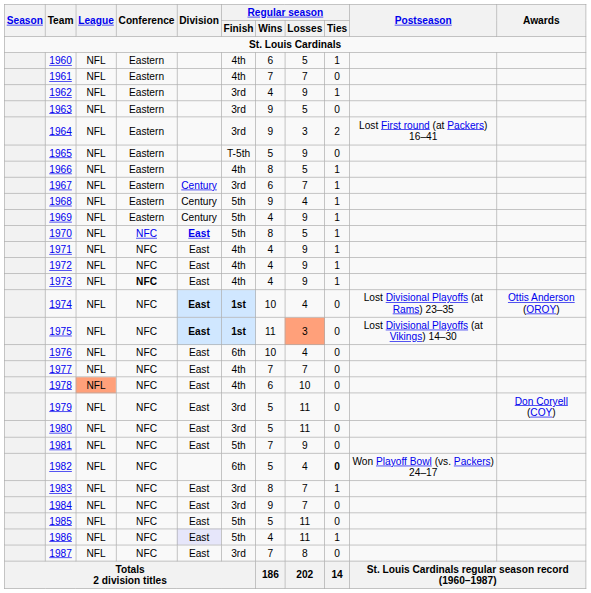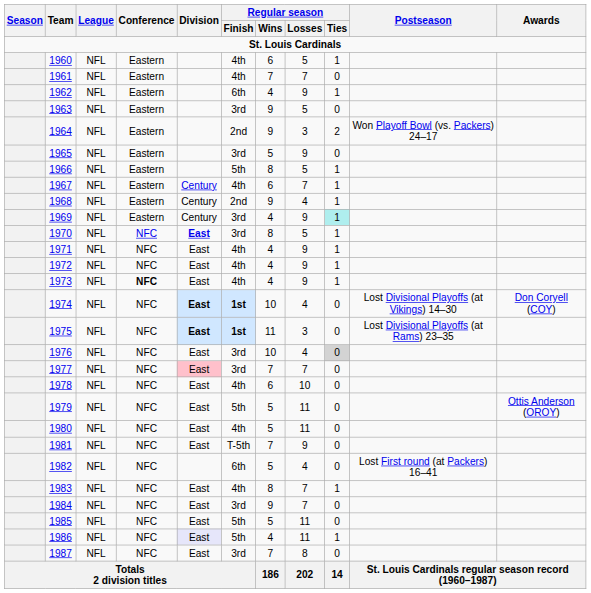 <table class="wikitable" style="text-align:center; font-size:95%">
 <tr>
 <th rowspan="2"><a href='#'>Season</a></th>
 <th rowspan="2">Team</th>
 <th rowspan="2"><a href='#'>League</a></th>
 <th rowspan="2">Conference</th>
 <th rowspan="2">Division</th>
 <th colspan="4"><a href='#'>Regular season</a></th>
 <th rowspan="2"><a href='#'>Postseason</a></th>
 <th rowspan="2">Awards</th>
 </tr>
 <tr>
 <th>Finish</th>
 <th>Wins</th>
 <th>Losses</th>
 <th>Ties</th>
 </tr>
 <tr>
 <td colspan="11" align="center"><strong>St. Louis Cardinals</strong></td>
 </tr>
 <tr>
 <th align="center"></th>
 <td align="center"><a href='#'>1960</a></td>
 <td align="center">NFL</td>
 <td align="center">Eastern</td>
 <td align="center"></td>
 <td align="center">4th</td>
 <td align="center">6</td>
 <td align="center">5</td>
 <td align="center">1</td>
 <td></td>
 <td></td>
 </tr>
 <tr>
 <th align="center"></th>
 <td align="center"><a href='#'>1961</a></td>
 <td align="center">NFL</td>
 <td align="center">Eastern</td>
 <td align="center"></td>
 <td align="center">4th</td>
 <td align="center">7</td>
 <td align="center">7</td>
 <td align="center">0</td>
 <td></td>
 <td></td>
 </tr>
 <tr>
 <th align="center"></th>
 <td align="center"><a href='#'>1962</a></td>
 <td align="center">NFL</td>
 <td align="center">Eastern</td>
 <td align="center"></td>
-<td align="center">3rd</td>
+<td align="center">6th</td>
 <td align="center">4</td>
 <td align="center">9</td>
 <td align="center">1</td>
 <td></td>
 <td></td>
 </tr>
 <tr>
 <th align="center"></th>
 <td align="center"><a href='#'>1963</a></td>
 <td align="center">NFL</td>
 <td align="center">Eastern</td>
 <td align="center"></td>
 <td align="center">3rd</td>
 <td align="center">9</td>
 <td align="center">5</td>
 <td align="center">0</td>
 <td></td>
 <td></td>
 </tr>
 <tr>
 <th align="center"></th>
 <td align="center"><a href='#'>1964</a></td>
 <td align="center">NFL</td>
 <td align="center">Eastern</td>
 <td align="center"></td>
-<td align="center">3rd</td>
+<td align="center">2nd</td>
 <td align="center">9</td>
 <td align="center">3</td>
 <td align="center">2</td>
-<td>Lost <a href='#'>First round</a> (at <a href='#'>Packers</a>) 16–41</td>
+<td>Won <a href='#'>Playoff Bowl</a> (vs. <a href='#'>Packers</a>) 24–17</td>
 <td></td>
 </tr>
 <tr>
 <th align="center"></th>
 <td align="center"><a href='#'>1965</a></td>
 <td align="center">NFL</td>
 <td align="center">Eastern</td>
 <td align="center"></td>
-<td align="center">T-5th</td>
+<td align="center">3rd</td>
 <td align="center">5</td>
 <td align="center">9</td>
 <td align="center">0</td>
 <td></td>
 <td></td>
 </tr>
 <tr>
 <th align="center"></th>
 <td align="center"><a href='#'>1966</a></td>
 <td align="center">NFL</td>
 <td align="center">Eastern</td>
 <td align="center"></td>
-<td align="center">4th</td>
+<td align="center">5th</td>
 <td align="center">8</td>
 <td align="center">5</td>
 <td align="center">1</td>
 <td></td>
 <td></td>
 </tr>
 <tr>
 <th align="center"></th>
 <td align="center"><a href='#'>1967</a></td>
 <td align="center">NFL</td>
 <td align="center">Eastern</td>
 <td align="center"><a href='#'>Century</a></td>
-<td align="center">3rd</td>
+<td align="center">4th</td>
 <td align="center">6</td>
 <td align="center">7</td>
 <td align="center">1</td>
 <td></td>
 <td></td>
 </tr>
 <tr>
 <th align="center"></th>
 <td align="center"><a href='#'>1968</a></td>
 <td align="center">NFL</td>
 <td align="center">Eastern</td>
 <td align="center">Century</td>
-<td align="center">5th</td>
+<td align="center">2nd</td>
 <td align="center">9</td>
 <td align="center">4</td>
 <td align="center">1</td>
 <td></td>
 <td></td>
 </tr>
 <tr>
 <th align="center"></th>
 <td align="center"><a href='#'>1969</a></td>
 <td align="center">NFL</td>
 <td align="center">Eastern</td>
 <td align="center">Century</td>
-<td align="center">5th</td>
+<td align="center">3rd</td>
 <td align="center">4</td>
 <td align="center">9</td>
-<td align="center">1</td>
+<td align="center" style="background: paleturquoise;">1</td>
 <td></td>
 <td></td>
 </tr>
 <tr>
 <th align="center"></th>
 <td align="center"><a href='#'>1970</a></td>
 <td align="center">NFL</td>
 <td align="center"><a href='#'>NFC</a></td>
 <td align="center"><strong><a href='#'>East</a></strong></td>
-<td align="center">5th</td>
+<td align="center">3rd</td>
 <td align="center">8</td>
 <td align="center">5</td>
 <td align="center">1</td>
 <td></td>
 <td></td>
 </tr>
 <tr>
 <th align="center"></th>
 <td align="center"><a href='#'>1971</a></td>
 <td align="center">NFL</td>
 <td align="center">NFC</td>
 <td align="center">East</td>
 <td align="center">4th</td>
 <td align="center">4</td>
 <td align="center">9</td>
 <td align="center">1</td>
 <td></td>
 <td></td>
 </tr>
 <tr>
 <th align="center"></th>
 <td align="center"><a href='#'>1972</a></td>
 <td align="center">NFL</td>
 <td align="center">NFC</td>
 <td align="center">East</td>
 <td align="center">4th</td>
 <td align="center">4</td>
 <td align="center">9</td>
 <td align="center">1</td>
 <td></td>
 <td></td>
 </tr>
 <tr>
 <th align="center"></th>
 <td align="center"><a href='#'>1973</a></td>
 <td align="center">NFL</td>
 <td align="center"><strong>NFC</strong></td>
 <td align="center">East</td>
 <td align="center">4th</td>
 <td align="center">4</td>
 <td align="center">9</td>
 <td align="center">1</td>
 <td></td>
 <td></td>
 </tr>
 <tr>
 <th align="center"></th>
 <td align="center"><a href='#'>1974</a></td>
 <td align="center">NFL</td>
 <td align="center">NFC</td>
 <td align="center" bgcolor="#D0E7FF"><strong>East</strong></td>
 <td align="center" bgcolor="#D0E7FF"><strong>1st</strong></td>
 <td align="center">10</td>
 <td align="center">4</td>
 <td align="center">0</td>
-<td>Lost <a href='#'>Divisional Playoffs</a> (at <a href='#'>Rams</a>) 23–35</td>
-<td><a href='#'>Ottis Anderson</a> (<a href='#'>OROY</a>)</td>
+<td valign="top">Lost <a href='#'>Divisional Playoffs</a> (at <a href='#'>Vikings</a>) 14–30</td>
+<td><a href='#'>Don Coryell</a> (<a href='#'>COY</a>)</td>
 </tr>
 <tr>
 <th align="center"></th>
 <td align="center"><a href='#'>1975</a></td>
 <td align="center">NFL</td>
 <td align="center">NFC</td>
 <td align="center" bgcolor="#D0E7FF"><strong>East</strong></td>
 <td align="center" bgcolor="#D0E7FF"><strong>1st</strong></td>
 <td align="center">11</td>
-<td align="center" style="background: lightsalmon;">3</td>
+<td align="center">3</td>
 <td align="center">0</td>
-<td valign="top">Lost <a href='#'>Divisional Playoffs</a> (at <a href='#'>Vikings</a>) 14–30</td>
+<td>Lost <a href='#'>Divisional Playoffs</a> (at <a href='#'>Rams</a>) 23–35</td>
 <td></td>
 </tr>
 <tr>
 <th align="center"></th>
 <td align="center"><a href='#'>1976</a></td>
 <td align="center">NFL</td>
 <td align="center">NFC</td>
 <td align="center">East</td>
-<td align="center">6th</td>
+<td align="center">3rd</td>
 <td align="center">10</td>
 <td align="center">4</td>
-<td align="center">0</td>
+<td align="center" style="background: lightgrey;">0</td>
 <td></td>
 <td></td>
 </tr>
 <tr>
 <th align="center"></th>
 <td align="center"><a href='#'>1977</a></td>
 <td align="center">NFL</td>
 <td align="center">NFC</td>
-<td align="center">East</td>
-<td align="center">4th</td>
+<td align="center" style="background: pink;">East</td>
+<td align="center">3rd</td>
 <td align="center">7</td>
 <td align="center">7</td>
 <td align="center">0</td>
 <td></td>
 <td></td>
 </tr>
 <tr>
 <th align="center"></th>
 <td align="center"><a href='#'>1978</a></td>
-<td align="center" style="background: lightsalmon;">NFL</td>
+<td align="center">NFL</td>
 <td align="center">NFC</td>
 <td align="center">East</td>
 <td align="center">4th</td>
 <td align="center">6</td>
 <td align="center">10</td>
 <td align="center">0</td>
 <td></td>
 <td></td>
 </tr>
 <tr>
 <th align="center"></th>
 <td align="center"><a href='#'>1979</a></td>
 <td align="center">NFL</td>
 <td align="center">NFC</td>
 <td align="center">East</td>
-<td align="center">3rd</td>
+<td align="center">5th</td>
 <td align="center">5</td>
 <td align="center">11</td>
 <td align="center">0</td>
 <td></td>
-<td><a href='#'>Don Coryell</a> (<a href='#'>COY</a>)</td>
+<td><a href='#'>Ottis Anderson</a> (<a href='#'>OROY</a>)</td>
 </tr>
 <tr>
 <th align="center"></th>
 <td align="center"><a href='#'>1980</a></td>
 <td align="center">NFL</td>
 <td align="center">NFC</td>
 <td align="center">East</td>
-<td align="center">3rd</td>
+<td align="center">4th</td>
 <td align="center">5</td>
 <td align="center">11</td>
 <td align="center">0</td>
 <td></td>
 <td></td>
 </tr>
 <tr>
 <th align="center"></th>
 <td align="center"><a href='#'>1981</a></td>
 <td align="center">NFL</td>
 <td align="center">NFC</td>
 <td align="center">East</td>
-<td align="center">5th</td>
+<td align="center">T-5th</td>
 <td align="center">7</td>
 <td align="center">9</td>
 <td align="center">0</td>
 <td></td>
 <td></td>
 </tr>
 <tr>
 <th align="center"></th>
 <td align="center"><a href='#'>1982</a></td>
 <td align="center">NFL</td>
 <td align="center">NFC</td>
 <td align="center"></td>
 <td align="center">6th</td>
 <td align="center">5</td>
 <td align="center">4</td>
-<td align="center"><strong>0</strong></td>
-<td>Won <a href='#'>Playoff Bowl</a> (vs. <a href='#'>Packers</a>) 24–17</td>
+<td align="center">0</td>
+<td>Lost <a href='#'>First round</a> (at <a href='#'>Packers</a>) 16–41</td>
 <td></td>
 </tr>
 <tr>
 <th align="center"></th>
 <td align="center"><a href='#'>1983</a></td>
 <td align="center">NFL</td>
 <td align="center">NFC</td>
 <td align="center">East</td>
-<td align="center">3rd</td>
+<td align="center">4th</td>
 <td align="center">8</td>
 <td align="center">7</td>
 <td align="center">1</td>
 <td></td>
 <td></td>
 </tr>
 <tr>
 <th align="center"></th>
 <td align="center"><a href='#'>1984</a></td>
 <td align="center">NFL</td>
 <td align="center">NFC</td>
 <td align="center">East</td>
 <td align="center">3rd</td>
 <td align="center">9</td>
 <td align="center">7</td>
 <td align="center">0</td>
 <td></td>
 <td></td>
 </tr>
 <tr>
 <th align="center"></th>
 <td align="center"><a href='#'>1985</a></td>
 <td align="center">NFL</td>
 <td align="center">NFC</td>
 <td align="center">East</td>
 <td align="center">5th</td>
 <td align="center">5</td>
 <td align="center">11</td>
 <td align="center">0</td>
 <td></td>
 <td></td>
 </tr>
 <tr>
 <th align="center"></th>
 <td align="center"><a href='#'>1986</a></td>
 <td align="center">NFL</td>
 <td align="center">NFC</td>
 <td align="center" style="background: lavender;">East</td>
 <td align="center">5th</td>
 <td align="center">4</td>
 <td align="center">11</td>
 <td align="center">1</td>
 <td></td>
 <td></td>
 </tr>
 <tr>
 <th align="center"></th>
 <td align="center"><a href='#'>1987</a></td>
 <td align="center">NFL</td>
 <td align="center">NFC</td>
 <td align="center">East</td>
 <td align="center">3rd</td>
 <td align="center">7</td>
 <td align="center">8</td>
 <td align="center">0</td>
 <td></td>
 <td></td>
 </tr>
 <tr>
 <th align="center" colspan="6">Totals<br>2 division titles</th>
 <th align="center">186</th>
 <th align="center">202</th>
 <th align="center">14</th>
 <th align="center" colspan="3">St. Louis Cardinals regular season record (1960–1987)</th>
 </tr>
 </table>
